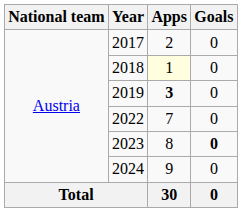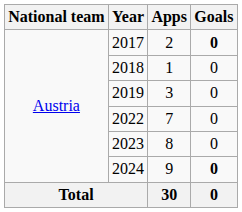 <table class="wikitable" style="text-align: center;">
 <tr>
 <th>National team</th>
 <th>Year</th>
 <th>Apps</th>
 <th>Goals</th>
 </tr>
 <tr>
 <td rowspan="6"><a href='#'>Austria</a></td>
 <td>2017</td>
 <td>2</td>
-<td>0</td>
+<td><strong>0</strong></td>
 </tr>
 <tr>
 <td>2018</td>
-<td style="background: lightyellow;">1</td>
+<td>1</td>
 <td>0</td>
 </tr>
 <tr>
 <td>2019</td>
-<td><strong>3</strong></td>
+<td>3</td>
 <td>0</td>
 </tr>
 <tr>
 <td>2022</td>
 <td>7</td>
 <td>0</td>
 </tr>
 <tr>
 <td>2023</td>
 <td>8</td>
-<td><strong>0</strong></td>
+<td>0</td>
 </tr>
 <tr>
 <td>2024</td>
 <td>9</td>
-<td>0</td>
+<td><strong>0</strong></td>
 </tr>
 <tr>
 <th colspan="2">Total</th>
 <th>30</th>
 <th>0</th>
 </tr>
 </table>
